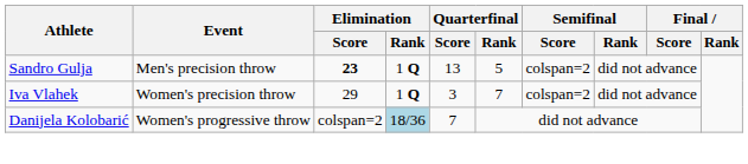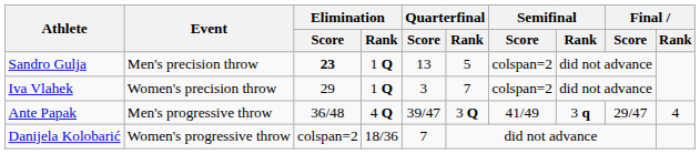 <table class=wikitable style="font-size:90%">
 <tr>
 <th rowspan="2">Athlete</th>
 <th rowspan="2">Event</th>
 <th colspan="2">Elimination</th>
 <th colspan="2">Quarterfinal</th>
 <th colspan="2">Semifinal</th>
 <th colspan=2>Final / </th>
 </tr>
 <tr style="font-size:95%">
 <th>Score</th>
 <th>Rank</th>
 <th>Score</th>
 <th>Rank</th>
 <th>Score</th>
 <th>Rank</th>
 <th>Score</th>
 <th>Rank</th>
 </tr>
 <tr align=center>
 <td align=left><a href='#'>Sandro Gulja</a></td>
 <td align=left>Men's precision throw</td>
 <td><strong>23</strong></td>
 <td>1 <strong>Q</strong></td>
 <td>13</td>
 <td>5</td>
 <td>colspan=2 </td>
 <td colspan=2>did not advance</td>
 </tr>
 <tr align=center>
 <td align=left><a href='#'>Iva Vlahek</a></td>
 <td align=left>Women's precision throw</td>
 <td>29</td>
 <td>1 <strong>Q</strong></td>
 <td>3</td>
 <td>7</td>
 <td>colspan=2 </td>
 <td colspan=2>did not advance</td>
 </tr>
 <tr align=center>
+<td align=left><a href='#'>Ante Papak</a></td>
+<td align=left>Men's progressive throw</td>
+<td>36/48</td>
+<td>4 <strong>Q</strong></td>
+<td>39/47</td>
+<td>3 <strong>Q</strong></td>
+<td>41/49</td>
+<td>3 <strong>q</strong></td>
+<td>29/47</td>
+<td>4</td>
+</tr>
+<tr align=center>
 <td align=left><a href='#'>Danijela Kolobarić</a></td>
 <td align=left>Women's progressive throw</td>
 <td>colspan=2 </td>
-<td style="background: lightblue;">18/36</td>
+<td>18/36</td>
 <td>7</td>
 <td colspan=4>did not advance</td>
 </tr>
 </table>
